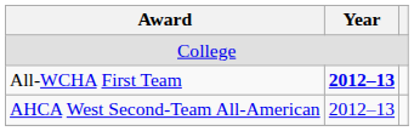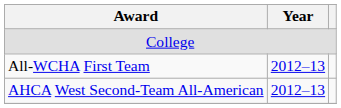 <table class="wikitable">
 <tr>
 <th>Award</th>
 <th>Year</th>
 <th></th>
 </tr>
 <tr ALIGN="center" bgcolor="#e0e0e0">
 <td colspan="3"><a href='#'>College</a></td>
 </tr>
 <tr>
 <td>All-<a href='#'>WCHA</a> <a href='#'>First Team</a></td>
-<td><strong><a href='#'>2012–13</a></strong></td>
+<td><a href='#'>2012–13</a></td>
 <td></td>
 </tr>
 <tr>
 <td><a href='#'>AHCA</a> <a href='#'>West Second-Team All-American</a></td>
 <td><a href='#'>2012–13</a></td>
 <td></td>
 </tr>
 <tr>
 </tr>
 </table>
